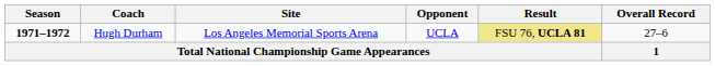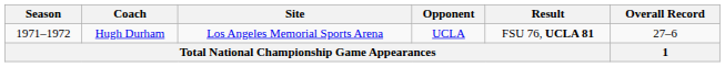 <table cellpadding="1" style="width:75%;" class="wikitable" style="text-align:center">
 <tr>
 <th>Season</th>
 <th>Coach</th>
 <th>Site</th>
 <th>Opponent</th>
 <th>Result</th>
 <th>Overall Record</th>
 </tr>
 <tr style="text-align:center;">
-<td><strong>1971–1972</strong></td>
+<td>1971–1972</td>
 <td><a href='#'>Hugh Durham</a></td>
 <td><a href='#'>Los Angeles Memorial Sports Arena</a></td>
 <td><a href='#'>UCLA</a></td>
-<td style="background: khaki;">FSU 76, <strong>UCLA 81</strong></td>
+<td>FSU 76, <strong>UCLA 81</strong></td>
 <td>27–6</td>
 </tr>
 <tr style="text-align:center;" class="sortbottom">
 <th colspan="5;">Total National Championship Game Appearances</th>
 <th colspan="1;">1</th>
 </tr>
 </table>
